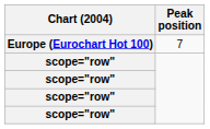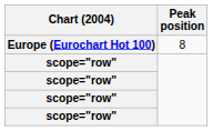 <table class="wikitable sortable plainrowheaders" style="text-align:center">
 <tr>
 <th scope="col">Chart (2004)</th>
 <th scope="col">Peak<br>position</th>
 </tr>
 <tr>
 <th scope="row">Europe (<a href='#'>Eurochart Hot 100</a>)</th>
-<td>7</td>
+<td>8</td>
 </tr>
 <tr>
 <th>scope="row"</th>
 </tr>
 <tr>
 <th>scope="row"</th>
 </tr>
 <tr>
 <th>scope="row"</th>
 </tr>
 <tr>
 <th>scope="row"</th>
 </tr>
 </table>
